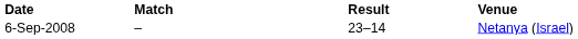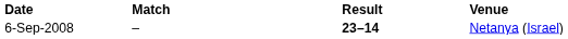 <table>
 <tr>
 <td width="150"><strong>Date</strong></td>
 <td width="250"><strong>Match</strong></td>
 <td width="150"><strong>Result</strong></td>
 <td width="250"><strong>Venue</strong></td>
 </tr>
 <tr>
 <td>6-Sep-2008</td>
 <td><strong></strong> – </td>
-<td>23–14</td>
+<td><strong>23–14</strong></td>
 <td><a href='#'>Netanya</a> (<a href='#'>Israel</a>)</td>
 </tr>
 <tr bgcolor=#eeeeee>
 </tr>
 </table>
